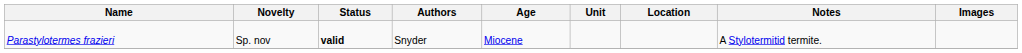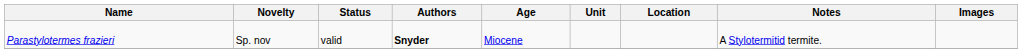 <table class="wikitable sortable" align="center" width="100%">
 <tr>
 <th>Name</th>
 <th>Novelty</th>
 <th>Status</th>
 <th>Authors</th>
 <th>Age</th>
 <th>Unit</th>
 <th>Location</th>
 <th>Notes</th>
 <th>Images</th>
 </tr>
 <tr>
 <td><br><em><a href='#'>Parastylotermes frazieri</a></em></td>
 <td><br>Sp. nov</td>
-<td><strong><br>valid</strong></td>
-<td><br>Snyder</td>
+<td><br>valid</td>
+<td><strong><br>Snyder</strong></td>
 <td><br><a href='#'>Miocene</a></td>
 <td></td>
 <td><br></td>
 <td><br>A <a href='#'>Stylotermitid</a> termite.</td>
 <td></td>
 </tr>
 <tr>
 </tr>
 </table>
